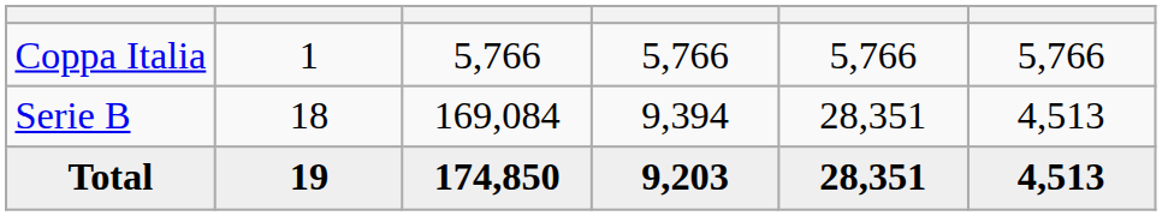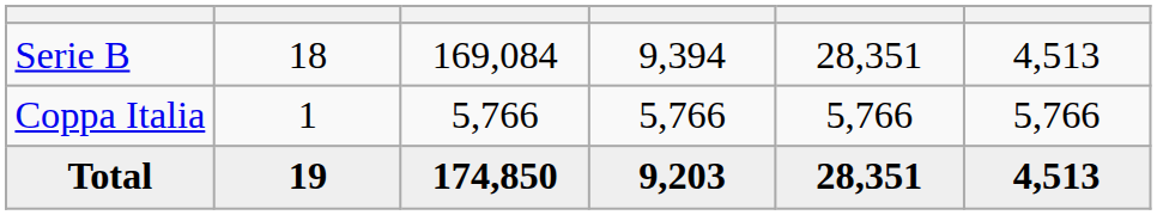 <table class="wikitable" style="text-align: center;">
 <tr>
 <th></th>
 <th style="width:70px;"></th>
 <th style="width:70px;"></th>
 <th style="width:70px;"></th>
 <th style="width:70px;"></th>
 <th style="width:70px;"></th>
 </tr>
 <tr>
+<td align=left><a href='#'>Serie B</a></td>
+<td>18</td>
+<td>169,084</td>
+<td>9,394</td>
+<td>28,351</td>
+<td>4,513</td>
+</tr>
+<tr>
 <td align=left><a href='#'>Coppa Italia</a></td>
 <td>1</td>
 <td>5,766</td>
 <td>5,766</td>
 <td>5,766</td>
 <td>5,766</td>
-</tr>
-<tr>
-<td align=left><a href='#'>Serie B</a></td>
-<td>18</td>
-<td>169,084</td>
-<td>9,394</td>
-<td>28,351</td>
-<td>4,513</td>
 </tr>
 <tr bgcolor="#EFEFEF">
 <td><strong>Total</strong></td>
 <td><strong>19</strong></td>
 <td><strong>174,850</strong></td>
 <td><strong>9,203</strong></td>
 <td><strong>28,351</strong></td>
 <td><strong>4,513</strong></td>
 </tr>
 </table>
